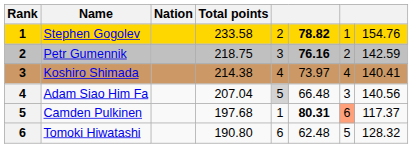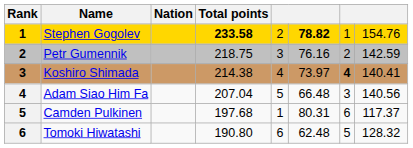 <table class="wikitable sortable">
 <tr>
 <th>Rank</th>
 <th>Name</th>
 <th>Nation</th>
 <th>Total points</th>
 <th colspan="2" width="80px"></th>
 <th colspan="2" width="80px"></th>
 </tr>
 <tr bgcolor="gold">
 <td align="center"><strong>1</strong></td>
 <td><a href='#'>Stephen Gogolev</a></td>
 <td></td>
-<td align="center">233.58</td>
+<td align="center"><strong>233.58</strong></td>
 <td align="center">2</td>
 <td align="center"><strong>78.82</strong></td>
 <td align="center">1</td>
 <td align="center">154.76</td>
 </tr>
 <tr bgcolor="silver">
 <td align="center"><strong>2</strong></td>
 <td><a href='#'>Petr Gumennik</a></td>
 <td></td>
 <td align="center">218.75</td>
 <td align="center">3</td>
-<td align="center"><strong>76.16</strong></td>
+<td align="center">76.16</td>
 <td align="center">2</td>
 <td align="center">142.59</td>
 </tr>
 <tr bgcolor="cc9966">
 <td align="center"><strong>3</strong></td>
 <td><a href='#'>Koshiro Shimada</a></td>
 <td></td>
 <td align="center">214.38</td>
 <td align="center">4</td>
 <td align="center">73.97</td>
-<td align="center">4</td>
+<td align="center"><strong>4</strong></td>
 <td align="center">140.41</td>
 </tr>
 <tr>
 <th>4</th>
 <td><a href='#'>Adam Siao Him Fa</a></td>
 <td></td>
 <td align="center">207.04</td>
-<td align="center" style="background: lightgrey;">5</td>
+<td align="center">5</td>
 <td align="center">66.48</td>
 <td align="center">3</td>
 <td align="center">140.56</td>
 </tr>
 <tr>
 <th>5</th>
 <td><a href='#'>Camden Pulkinen</a></td>
 <td></td>
 <td align="center">197.68</td>
 <td align="center">1</td>
-<td align="center"><strong>80.31</strong></td>
-<td align="center" style="background: lightsalmon;">6</td>
+<td align="center">80.31</td>
+<td align="center">6</td>
 <td align="center">117.37</td>
 </tr>
 <tr>
 <th>6</th>
 <td><a href='#'>Tomoki Hiwatashi</a></td>
 <td></td>
 <td align="center">190.80</td>
 <td align="center">6</td>
 <td align="center">62.48</td>
 <td align="center">5</td>
 <td align="center">128.32</td>
 </tr>
 </table>
